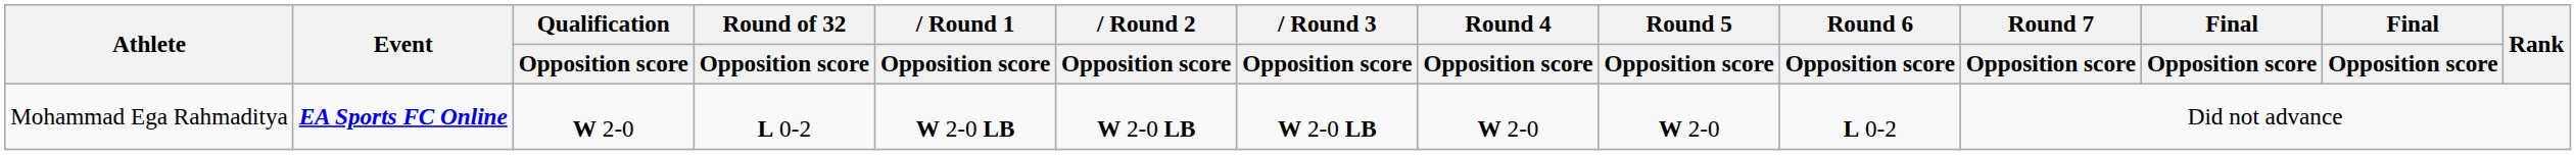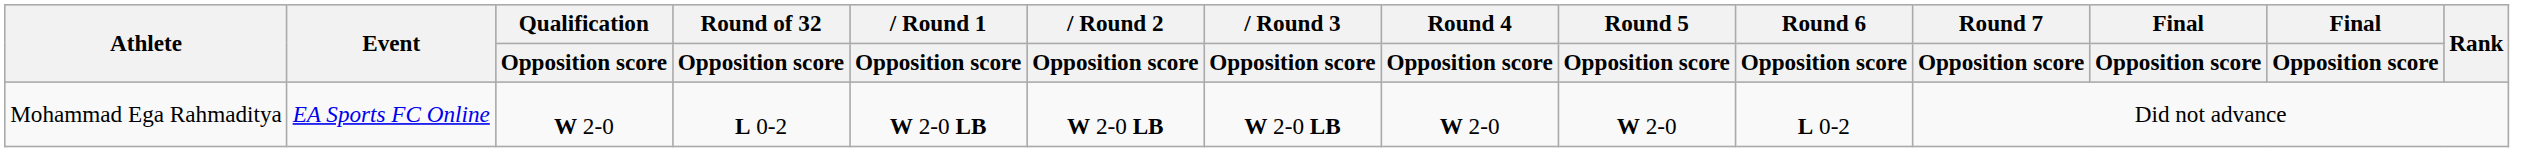 <table class=wikitable style=font-size:90%;text-align:center>
 <tr>
 <th rowspan=2>Athlete</th>
 <th rowspan=2>Event</th>
 <th>Qualification</th>
 <th>Round of 32</th>
 <th>/ Round 1</th>
 <th>/ Round 2</th>
 <th>/ Round 3</th>
 <th> Round 4</th>
 <th> Round 5</th>
 <th> Round 6</th>
 <th> Round 7</th>
 <th> Final</th>
 <th>Final</th>
 <th rowspan=2>Rank</th>
 </tr>
 <tr>
 <th>Opposition score</th>
 <th>Opposition score</th>
 <th>Opposition score</th>
 <th>Opposition score</th>
 <th>Opposition score</th>
 <th>Opposition score</th>
 <th>Opposition score</th>
 <th>Opposition score</th>
 <th>Opposition score</th>
 <th>Opposition score</th>
 <th>Opposition score</th>
 </tr>
 <tr>
 <td align=left>Mohammad Ega Rahmaditya</td>
-<td><strong><em><a href='#'>EA Sports FC Online</a></em></strong></td>
+<td><em><a href='#'>EA Sports FC Online</a></em></td>
 <td><br><strong>W</strong> 2-0</td>
 <td><br><strong>L</strong> 0-2</td>
 <td><br><strong>W</strong> 2-0 <strong>LB</strong></td>
 <td><br><strong>W</strong> 2-0 <strong>LB</strong></td>
 <td><br><strong>W</strong> 2-0 <strong>LB</strong></td>
 <td><br><strong>W</strong> 2-0</td>
 <td><br><strong>W</strong> 2-0</td>
 <td><br><strong>L</strong> 0-2</td>
 <td colspan=4>Did not advance</td>
 </tr>
 </table>
